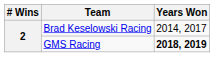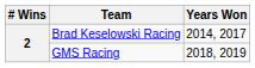 <table class="wikitable" style="font-size: 95%;">
 <tr>
 <th># Wins</th>
 <th>Team</th>
 <th>Years Won</th>
 </tr>
 <tr>
 <th rowspan="2">2</th>
 <td><a href='#'>Brad Keselowski Racing</a></td>
 <td>2014, 2017</td>
 </tr>
 <tr>
 <td><a href='#'>GMS Racing</a></td>
-<td><strong>2018, 2019</strong></td>
+<td>2018, 2019</td>
 </tr>
 </table>
